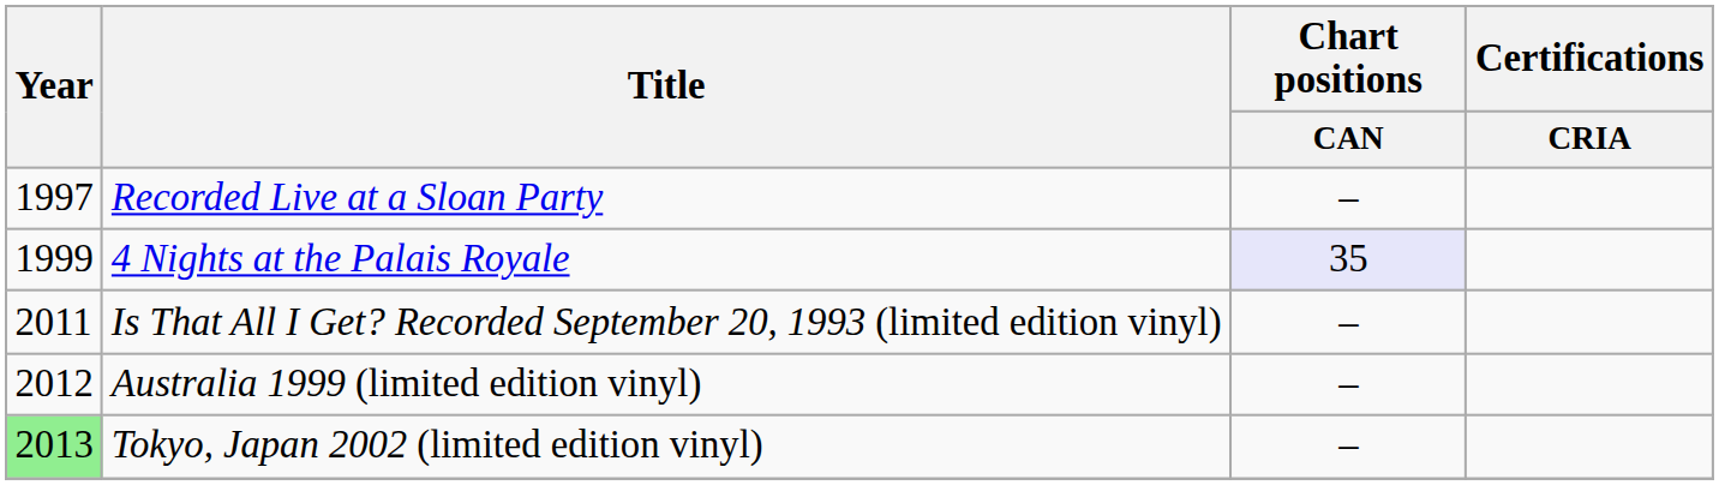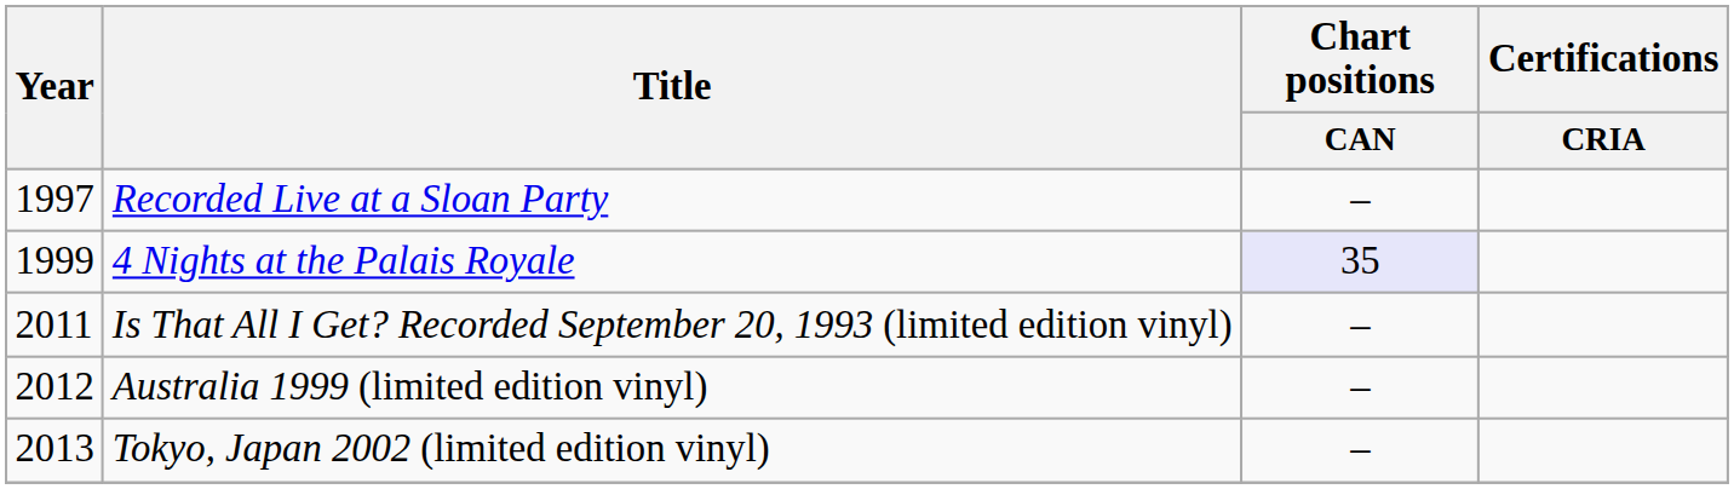 <table class="wikitable">
 <tr>
 <th rowspan="2">Year</th>
 <th rowspan="2">Title</th>
 <th colspan="1">Chart positions</th>
 <th colspan="1">Certifications</th>
 </tr>
 <tr style="font-size: smaller;">
 <th width="90">CAN</th>
 <th width="90">CRIA</th>
 </tr>
 <tr>
 <td>1997</td>
 <td><em><a href='#'>Recorded Live at a Sloan Party</a></em></td>
 <td align="center">–</td>
 <td align="center"></td>
 </tr>
 <tr>
 <td>1999</td>
 <td><em><a href='#'>4 Nights at the Palais Royale</a></em></td>
 <td align="center" style="background: lavender;">35</td>
 <td align="center"></td>
 </tr>
 <tr>
 <td>2011</td>
 <td><em>Is That All I Get? Recorded September 20, 1993</em> (limited edition vinyl)</td>
 <td align="center">–</td>
 <td align="center"></td>
 </tr>
 <tr>
 <td>2012</td>
 <td><em>Australia 1999</em> (limited edition vinyl)</td>
 <td align="center">–</td>
 <td align="center"></td>
 </tr>
 <tr>
-<td style="background: lightgreen;">2013</td>
+<td>2013</td>
 <td><em>Tokyo, Japan 2002</em> (limited edition vinyl)</td>
 <td align="center">–</td>
 <td align="center"></td>
 </tr>
 <tr>
 </tr>
 </table>
